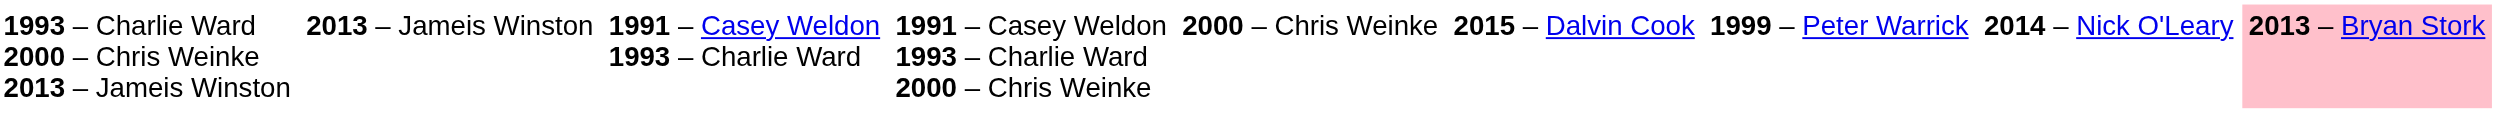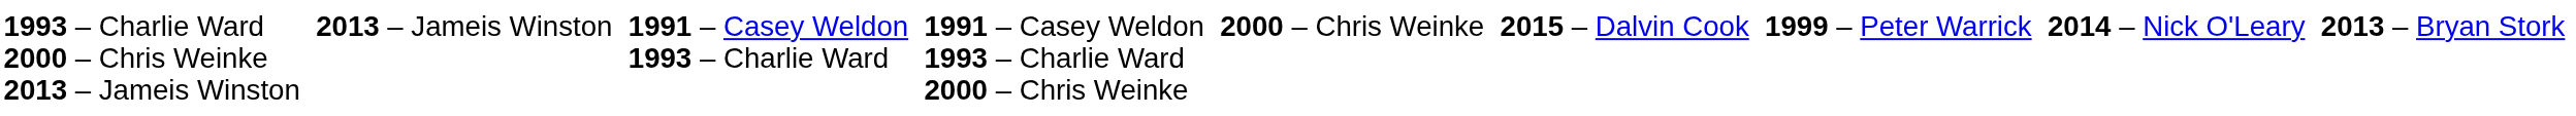 <table cellpadding="3" style="font-size:.9em">
 <tr>
 </tr>
 <tr>
 </tr>
 <tr style="vertical-align:top;">
 <td><strong>1993</strong> – Charlie Ward<br><strong>2000</strong> – Chris Weinke<br><strong>2013</strong> – Jameis Winston</td>
 <td><strong>2013</strong> – Jameis Winston</td>
 <td><strong>1991</strong> – <a href='#'>Casey Weldon</a><br><strong>1993</strong> – Charlie Ward</td>
 <td><strong>1991</strong> – Casey Weldon<br><strong>1993</strong> – Charlie Ward<br><strong>2000</strong> – Chris Weinke</td>
 <td><strong>2000</strong> – Chris Weinke</td>
 <td><strong>2015</strong> – <a href='#'>Dalvin Cook</a></td>
 <td><strong>1999</strong> – <a href='#'>Peter Warrick</a></td>
 <td><strong>2014</strong> – <a href='#'>Nick O'Leary</a></td>
-<td style="background: pink;"><strong>2013</strong> – <a href='#'>Bryan Stork</a></td>
+<td><strong>2013</strong> – <a href='#'>Bryan Stork</a></td>
 </tr>
 </table>
